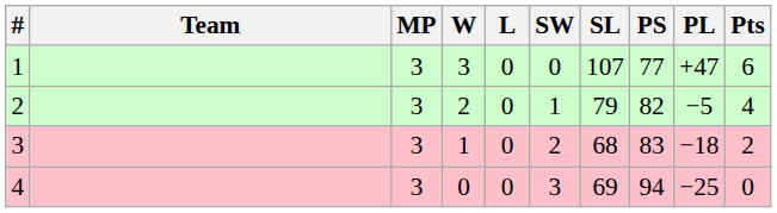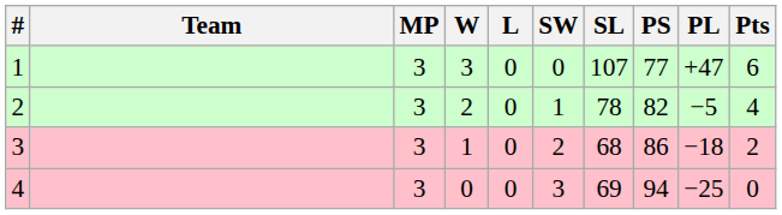 <table class=wikitable style="text-align:center">
 <tr>
 <th>#</th>
 <th width=220>Team</th>
 <th width=20>MP</th>
 <th width=20>W</th>
 <th width=20>L</th>
 <th width=20>SW</th>
 <th width=20>SL</th>
 <th width=20>PS</th>
 <th width=20>PL</th>
 <th width=20>Pts</th>
 </tr>
 <tr align="center" valign="top" style="background: #CCFFCC">
 <td>1</td>
 <td align=left></td>
 <td>3</td>
 <td>3</td>
 <td>0</td>
 <td>0</td>
 <td>107</td>
 <td>77</td>
 <td>+47</td>
 <td>6</td>
 </tr>
 <tr align="center" valign="top" style="background: #CCFFCC">
 <td>2</td>
 <td align=left></td>
 <td>3</td>
 <td>2</td>
 <td>0</td>
 <td>1</td>
-<td>79</td>
+<td>78</td>
 <td>82</td>
 <td>−5</td>
 <td>4</td>
 </tr>
 <tr align="center" valign="top" style="background: pink">
 <td>3</td>
 <td align=left></td>
 <td>3</td>
 <td>1</td>
 <td>0</td>
 <td>2</td>
 <td>68</td>
-<td>83</td>
+<td>86</td>
 <td>−18</td>
 <td>2</td>
 </tr>
 <tr align="center" valign="top" style="background: pink">
 <td>4</td>
 <td align=left></td>
 <td>3</td>
 <td>0</td>
 <td>0</td>
 <td>3</td>
 <td>69</td>
 <td>94</td>
 <td>−25</td>
 <td>0</td>
 </tr>
 </table>
